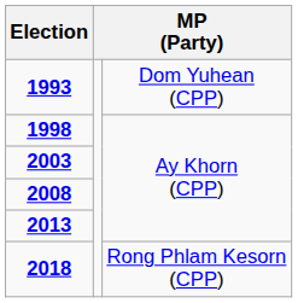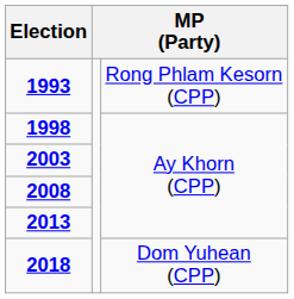 <table class="wikitable" style="text-align:center">
 <tr>
 <th>Election</th>
 <th colspan=2>MP<br>(Party)</th>
 </tr>
 <tr>
 <td><strong><a href='#'>1993</a></strong></td>
 <td rowspan=6; style="background-color: "></td>
-<td rowspan=1><a href='#'>Dom Yuhean</a><br>(<a href='#'>CPP</a>)</td>
+<td rowspan=1><a href='#'>Rong Phlam Kesorn</a><br>(<a href='#'>CPP</a>)</td>
 </tr>
 <tr>
 <td><strong><a href='#'>1998</a></strong></td>
 <td rowspan=4><a href='#'>Ay Khorn</a><br>(<a href='#'>CPP</a>)</td>
 </tr>
 <tr>
 <td><strong><a href='#'>2003</a></strong></td>
 </tr>
 <tr>
 <td><strong><a href='#'>2008</a></strong></td>
 </tr>
 <tr>
 <td><strong><a href='#'>2013</a></strong></td>
 </tr>
 <tr>
 <td><strong><a href='#'>2018</a></strong></td>
-<td rowspan=1><a href='#'>Rong Phlam Kesorn</a><br>(<a href='#'>CPP</a>)</td>
+<td rowspan=1><a href='#'>Dom Yuhean</a><br>(<a href='#'>CPP</a>)</td>
 </tr>
 </table>
